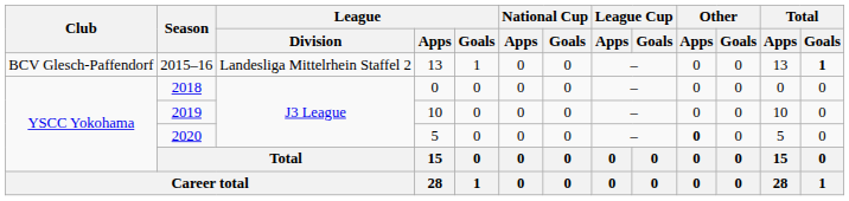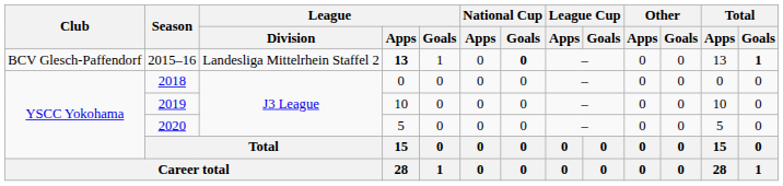 <table class="wikitable" style="text-align: center">
 <tr>
 <th rowspan="2">Club</th>
 <th rowspan="2">Season</th>
 <th colspan="3">League</th>
 <th colspan="2">National Cup</th>
 <th colspan="2">League Cup</th>
 <th colspan="2">Other</th>
 <th colspan="2">Total</th>
 </tr>
 <tr>
 <th>Division</th>
 <th>Apps</th>
 <th>Goals</th>
 <th>Apps</th>
 <th>Goals</th>
 <th>Apps</th>
 <th>Goals</th>
 <th>Apps</th>
 <th>Goals</th>
 <th>Apps</th>
 <th>Goals</th>
 </tr>
 <tr>
 <td>BCV Glesch-Paffendorf</td>
 <td>2015–16</td>
 <td>Landesliga Mittelrhein Staffel 2</td>
-<td>13</td>
+<td><strong>13</strong></td>
 <td>1</td>
 <td>0</td>
-<td>0</td>
+<td><strong>0</strong></td>
 <td colspan="2">–</td>
 <td>0</td>
 <td>0</td>
 <td>13</td>
 <td><strong>1</strong></td>
 </tr>
 <tr>
 <td rowspan="4"><a href='#'>YSCC Yokohama</a></td>
 <td><a href='#'>2018</a></td>
 <td rowspan="3"><a href='#'>J3 League</a></td>
 <td>0</td>
 <td>0</td>
 <td>0</td>
 <td>0</td>
 <td colspan="2">–</td>
 <td>0</td>
 <td>0</td>
 <td>0</td>
 <td>0</td>
 </tr>
 <tr>
 <td><a href='#'>2019</a></td>
 <td>10</td>
 <td>0</td>
 <td>0</td>
 <td>0</td>
 <td colspan="2">–</td>
 <td>0</td>
 <td>0</td>
 <td>10</td>
 <td>0</td>
 </tr>
 <tr>
 <td><a href='#'>2020</a></td>
 <td>5</td>
 <td>0</td>
 <td>0</td>
 <td>0</td>
 <td colspan="2">–</td>
-<td><strong>0</strong></td>
+<td>0</td>
 <td>0</td>
 <td>5</td>
 <td>0</td>
 </tr>
 <tr>
 <th colspan=2>Total</th>
 <th>15</th>
 <th>0</th>
 <th>0</th>
 <th>0</th>
 <th>0</th>
 <th>0</th>
 <th>0</th>
 <th>0</th>
 <th>15</th>
 <th>0</th>
 </tr>
 <tr>
 <th colspan=3>Career total</th>
 <th>28</th>
 <th>1</th>
 <th>0</th>
 <th>0</th>
 <th>0</th>
 <th>0</th>
 <th>0</th>
 <th>0</th>
 <th>28</th>
 <th>1</th>
 </tr>
 </table>
